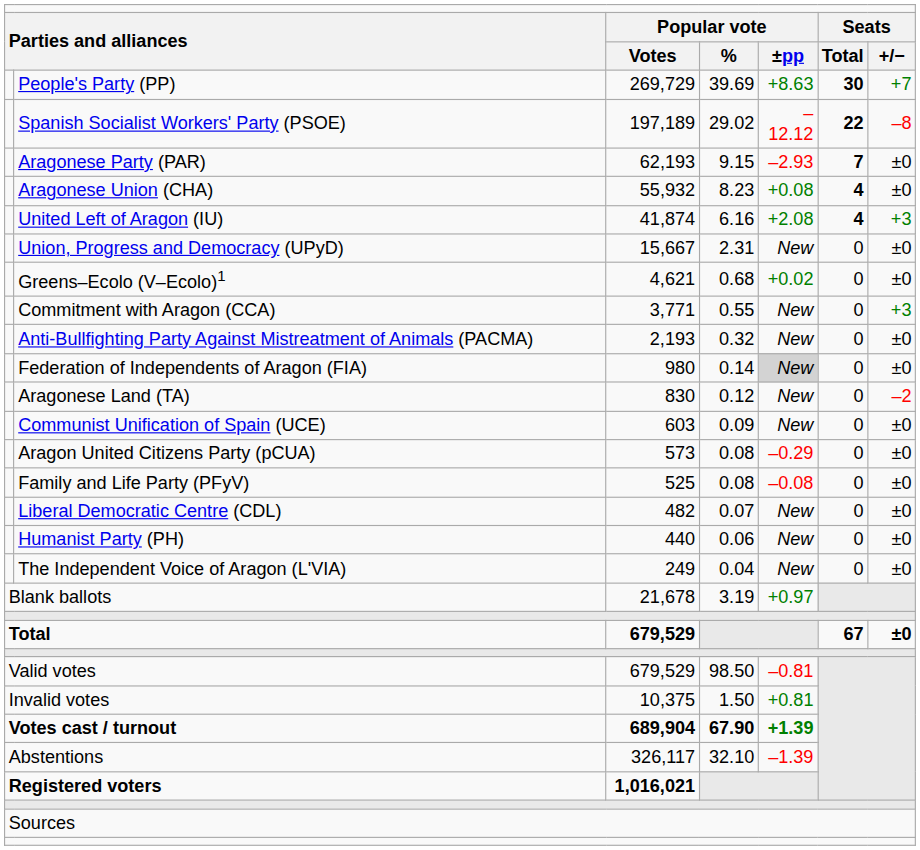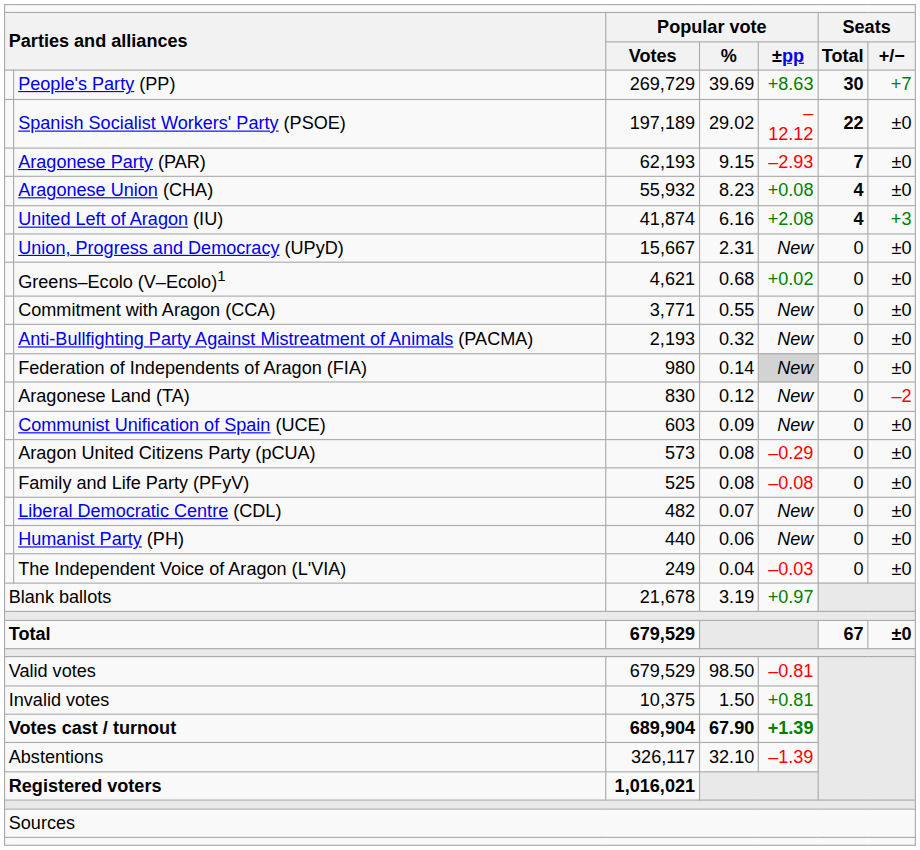 <table class="wikitable" style="text-align:right;">
 <tr>
 <td colspan="7"></td>
 </tr>
 <tr>
 <th style="text-align:left;" rowspan="2" colspan="2" width="525">Parties and alliances</th>
 <th colspan="3">Popular vote</th>
 <th colspan="2">Seats</th>
 </tr>
 <tr>
 <th width="75">Votes</th>
 <th width="45">%</th>
 <th width="45">±<a href='#'>pp</a></th>
 <th width="35">Total</th>
 <th width="35">+/−</th>
 </tr>
 <tr>
 <td width="1" style="color:inherit;background:"></td>
 <td align="left"><a href='#'>People's Party</a> (PP)</td>
 <td>269,729</td>
 <td>39.69</td>
 <td style="color:green;">+8.63</td>
 <td><strong>30</strong></td>
 <td style="color:green;">+7</td>
 </tr>
 <tr>
 <td style="color:inherit;background:"></td>
 <td align="left"><a href='#'>Spanish Socialist Workers' Party</a> (PSOE)</td>
 <td>197,189</td>
 <td>29.02</td>
 <td style="color:red;">–12.12</td>
 <td><strong>22</strong></td>
-<td style="color:red;">–8</td>
+<td>±0</td>
 </tr>
 <tr>
 <td style="color:inherit;background:"></td>
 <td align="left"><a href='#'>Aragonese Party</a> (PAR)</td>
 <td>62,193</td>
 <td>9.15</td>
 <td style="color:red;">–2.93</td>
 <td><strong>7</strong></td>
 <td>±0</td>
 </tr>
 <tr>
 <td style="color:inherit;background:"></td>
 <td align="left"><a href='#'>Aragonese Union</a> (CHA)</td>
 <td>55,932</td>
 <td>8.23</td>
 <td style="color:green;">+0.08</td>
 <td><strong>4</strong></td>
 <td>±0</td>
 </tr>
 <tr>
 <td style="color:inherit;background:"></td>
 <td align="left"><a href='#'>United Left of Aragon</a> (IU)</td>
 <td>41,874</td>
 <td>6.16</td>
 <td style="color:green;">+2.08</td>
 <td><strong>4</strong></td>
 <td style="color:green;">+3</td>
 </tr>
 <tr>
 <td style="color:inherit;background:"></td>
 <td align="left"><a href='#'>Union, Progress and Democracy</a> (UPyD)</td>
 <td>15,667</td>
 <td>2.31</td>
 <td><em>New</em></td>
 <td>0</td>
 <td>±0</td>
 </tr>
 <tr>
 <td style="color:inherit;background:"></td>
 <td align="left">Greens–Ecolo (V–Ecolo)<sup>1</sup></td>
 <td>4,621</td>
 <td>0.68</td>
 <td style="color:green;">+0.02</td>
 <td>0</td>
 <td>±0</td>
 </tr>
 <tr>
 <td style="color:inherit;background:"></td>
 <td align="left">Commitment with Aragon (CCA)</td>
 <td>3,771</td>
 <td>0.55</td>
 <td><em>New</em></td>
 <td>0</td>
-<td style="color:green;">+3</td>
+<td>±0</td>
 </tr>
 <tr>
 <td style="color:inherit;background:"></td>
 <td align="left"><a href='#'>Anti-Bullfighting Party Against Mistreatment of Animals</a> (PACMA)</td>
 <td>2,193</td>
 <td>0.32</td>
 <td><em>New</em></td>
 <td>0</td>
 <td>±0</td>
 </tr>
 <tr>
 <td style="color:inherit;background:"></td>
 <td align="left">Federation of Independents of Aragon (FIA)</td>
 <td>980</td>
 <td>0.14</td>
 <td style="background: lightgrey;"><em>New</em></td>
 <td>0</td>
 <td>±0</td>
 </tr>
 <tr>
 <td style="color:inherit;background:"></td>
 <td align="left">Aragonese Land (TA)</td>
 <td>830</td>
 <td>0.12</td>
 <td><em>New</em></td>
 <td>0</td>
 <td style="color:red;">–2</td>
 </tr>
 <tr>
 <td style="color:inherit;background:"></td>
 <td align="left"><a href='#'>Communist Unification of Spain</a> (UCE)</td>
 <td>603</td>
 <td>0.09</td>
 <td><em>New</em></td>
 <td>0</td>
 <td>±0</td>
 </tr>
 <tr>
 <td style="color:inherit;background:"></td>
 <td align="left">Aragon United Citizens Party (pCUA)</td>
 <td>573</td>
 <td>0.08</td>
 <td style="color:red;">–0.29</td>
 <td>0</td>
 <td>±0</td>
 </tr>
 <tr>
 <td style="color:inherit;background:"></td>
 <td align="left">Family and Life Party (PFyV)</td>
 <td>525</td>
 <td>0.08</td>
 <td style="color:red;">–0.08</td>
 <td>0</td>
 <td>±0</td>
 </tr>
 <tr>
 <td style="color:inherit;background:"></td>
 <td align="left"><a href='#'>Liberal Democratic Centre</a> (CDL)</td>
 <td>482</td>
 <td>0.07</td>
 <td><em>New</em></td>
 <td>0</td>
 <td>±0</td>
 </tr>
 <tr>
 <td style="color:inherit;background:"></td>
 <td align="left"><a href='#'>Humanist Party</a> (PH)</td>
 <td>440</td>
 <td>0.06</td>
 <td><em>New</em></td>
 <td>0</td>
 <td>±0</td>
 </tr>
 <tr>
 <td style="color:inherit;background:"></td>
 <td align="left">The Independent Voice of Aragon (L'VIA)</td>
 <td>249</td>
 <td>0.04</td>
-<td><em>New</em></td>
+<td style="color:red;">–0.03</td>
 <td>0</td>
 <td>±0</td>
 </tr>
 <tr>
 <td align="left" colspan="2">Blank ballots</td>
 <td>21,678</td>
 <td>3.19</td>
 <td style="color:green;">+0.97</td>
 <td bgcolor="#E9E9E9" colspan="2"></td>
 </tr>
 <tr>
 <td colspan="7" bgcolor="#E9E9E9"></td>
 </tr>
 <tr style="font-weight:bold;">
 <td align="left" colspan="2">Total</td>
 <td>679,529</td>
 <td bgcolor="#E9E9E9" colspan="2"></td>
 <td>67</td>
 <td>±0</td>
 </tr>
 <tr>
 <td colspan="7" bgcolor="#E9E9E9"></td>
 </tr>
 <tr>
 <td align="left" colspan="2">Valid votes</td>
 <td>679,529</td>
 <td>98.50</td>
 <td style="color:red;">–0.81</td>
 <td bgcolor="#E9E9E9" colspan="2" rowspan="5"></td>
 </tr>
 <tr>
 <td align="left" colspan="2">Invalid votes</td>
 <td>10,375</td>
 <td>1.50</td>
 <td style="color:green;">+0.81</td>
 </tr>
 <tr style="font-weight:bold;">
 <td align="left" colspan="2">Votes cast / turnout</td>
 <td>689,904</td>
 <td>67.90</td>
 <td style="color:green;">+1.39</td>
 </tr>
 <tr>
 <td align="left" colspan="2">Abstentions</td>
 <td>326,117</td>
 <td>32.10</td>
 <td style="color:red;">–1.39</td>
 </tr>
 <tr style="font-weight:bold;">
 <td align="left" colspan="2">Registered voters</td>
 <td>1,016,021</td>
 <td bgcolor="#E9E9E9" colspan="2"></td>
 </tr>
 <tr>
 <td colspan="7" bgcolor="#E9E9E9"></td>
 </tr>
 <tr>
 <td align="left" colspan="7">Sources</td>
 </tr>
 <tr>
 <td colspan="7" style="text-align:left; max-width:790px;"></td>
 </tr>
 </table>
